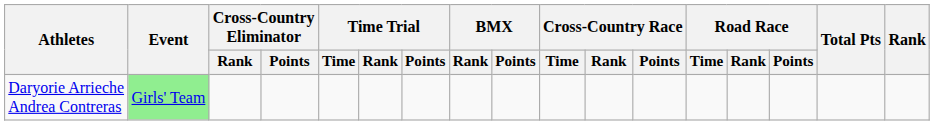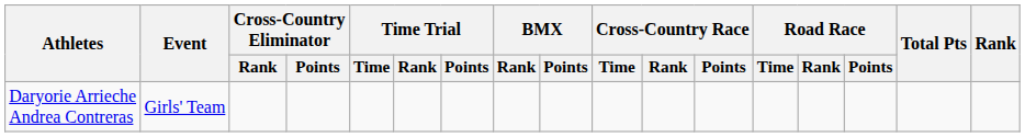 <table class="wikitable" style="font-size:90%;">
 <tr>
 <th rowspan=2>Athletes</th>
 <th rowspan=2>Event</th>
 <th colspan=2>Cross-Country<br>Eliminator</th>
 <th colspan=3>Time Trial</th>
 <th colspan=2>BMX</th>
 <th colspan=3>Cross-Country Race</th>
 <th colspan=3>Road Race</th>
 <th rowspan=2>Total Pts</th>
 <th rowspan=2>Rank</th>
 </tr>
 <tr style="font-size:95%">
 <th>Rank</th>
 <th>Points</th>
 <th>Time</th>
 <th>Rank</th>
 <th>Points</th>
 <th>Rank</th>
 <th>Points</th>
 <th>Time</th>
 <th>Rank</th>
 <th>Points</th>
 <th>Time</th>
 <th>Rank</th>
 <th>Points</th>
 </tr>
 <tr align=center>
 <td align=left><a href='#'>Daryorie Arrieche</a><br><a href='#'>Andrea Contreras</a></td>
-<td align=left style="background: lightgreen;"><a href='#'>Girls' Team</a></td>
+<td align=left><a href='#'>Girls' Team</a></td>
 <td></td>
 <td></td>
 <td></td>
 <td></td>
 <td></td>
 <td></td>
 <td></td>
 <td></td>
 <td></td>
 <td></td>
 <td></td>
 <td></td>
 <td></td>
 <td></td>
 <td></td>
 </tr>
 </table>
